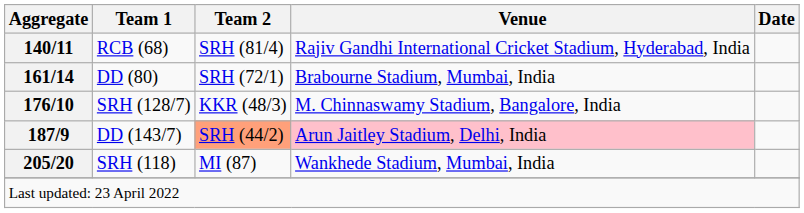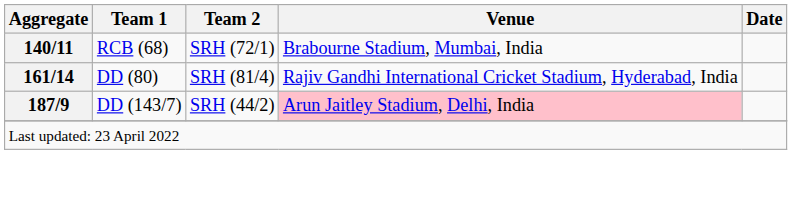 <table class="wikitable">
 <tr>
 <th style="text-align:center;"><strong>Aggregate</strong></th>
 <th style="text-align:center;"><strong>Team 1</strong></th>
 <th style="text-align:center;"><strong>Team 2</strong></th>
 <th style="text-align:center;"><strong>Venue</strong></th>
 <th style="text-align:center;"><strong>Date</strong></th>
 </tr>
 <tr>
 <th>140/11</th>
 <td><a href='#'>RCB</a> (68)</td>
+<td><a href='#'>SRH</a> (72/1)</td>
+<td><a href='#'>Brabourne Stadium</a>, <a href='#'>Mumbai</a>, India</td>
+<td></td>
+</tr>
+<tr>
+<th>161/14</th>
+<td><a href='#'>DD</a> (80)</td>
 <td><a href='#'>SRH</a> (81/4)</td>
 <td><a href='#'>Rajiv Gandhi International Cricket Stadium</a>, <a href='#'>Hyderabad</a>, India</td>
 <td></td>
 </tr>
 <tr>
-<th>161/14</th>
-<td><a href='#'>DD</a> (80)</td>
-<td><a href='#'>SRH</a> (72/1)</td>
-<td><a href='#'>Brabourne Stadium</a>, <a href='#'>Mumbai</a>, India</td>
-<td></td>
-</tr>
-<tr>
-<th>176/10</th>
-<td><a href='#'>SRH</a> (128/7)</td>
-<td><a href='#'>KKR</a> (48/3)</td>
-<td><a href='#'>M. Chinnaswamy Stadium</a>, <a href='#'>Bangalore</a>, India</td>
-<td></td>
-</tr>
-<tr>
 <th>187/9</th>
 <td><a href='#'>DD</a> (143/7)</td>
-<td style="background: lightsalmon;"><a href='#'>SRH</a> (44/2)</td>
+<td><a href='#'>SRH</a> (44/2)</td>
 <td style="background: pink;"><a href='#'>Arun Jaitley Stadium</a>, <a href='#'>Delhi</a>, India</td>
-<td></td>
-</tr>
-<tr>
-<th>205/20</th>
-<td><a href='#'>SRH</a> (118)</td>
-<td><a href='#'>MI</a> (87)</td>
-<td><a href='#'>Wankhede Stadium</a>, <a href='#'>Mumbai</a>, India</td>
 <td></td>
 </tr>
 <tr>
 </tr>
 <tr class=sortbottom>
 <td colspan="5"><small>Last updated: 23 April 2022</small></td>
 </tr>
 </table>
